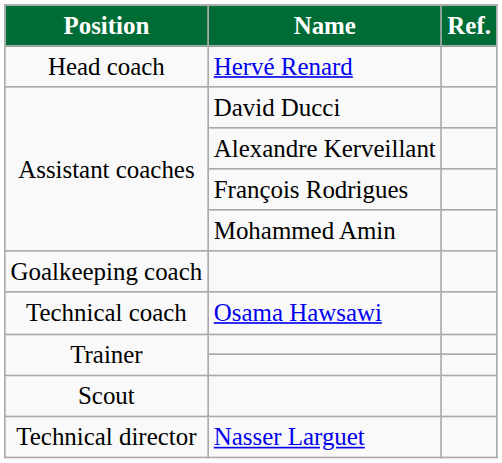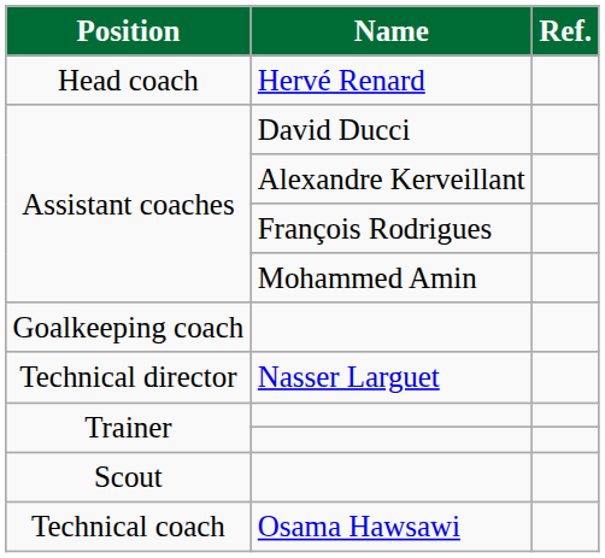 <table class="wikitable plainrowheaders" style="text-align:center; font-size: 95%; border: 1px; text-align: middle; width=20%">
 <tr>
 <th style="background:#006C35; color:white; ">Position</th>
 <th style="background:#006C35; color:white; ">Name</th>
 <th style="background:#006C35; color:white; ">Ref.</th>
 </tr>
 <tr>
 <td>Head coach</td>
 <td align=left> <a href='#'>Hervé Renard</a></td>
 <td></td>
 </tr>
 <tr>
 <td rowspan=4>Assistant coaches</td>
 <td align=left> David Ducci</td>
 <td></td>
 </tr>
 <tr>
 <td align=left> Alexandre Kerveillant</td>
 <td></td>
 </tr>
 <tr>
 <td align=left> François Rodrigues</td>
 <td></td>
 </tr>
 <tr>
 <td align=left> Mohammed Amin</td>
 <td></td>
 </tr>
 <tr>
 <td>Goalkeeping coach</td>
 <td align=left></td>
 <td></td>
 </tr>
 <tr>
-<td>Technical coach</td>
-<td align=left> <a href='#'>Osama Hawsawi</a></td>
+<td>Technical director</td>
+<td align=left> <a href='#'>Nasser Larguet</a></td>
 <td></td>
 </tr>
 <tr>
 <td rowspan=2>Trainer</td>
 <td align=left></td>
 <td></td>
 </tr>
 <tr>
 <td align=left></td>
 <td></td>
 </tr>
 <tr>
 <td>Scout</td>
 <td align=left></td>
 <td></td>
 </tr>
 <tr>
-<td>Technical director</td>
-<td align=left> <a href='#'>Nasser Larguet</a></td>
+<td>Technical coach</td>
+<td align=left> <a href='#'>Osama Hawsawi</a></td>
 <td></td>
 </tr>
 </table>
